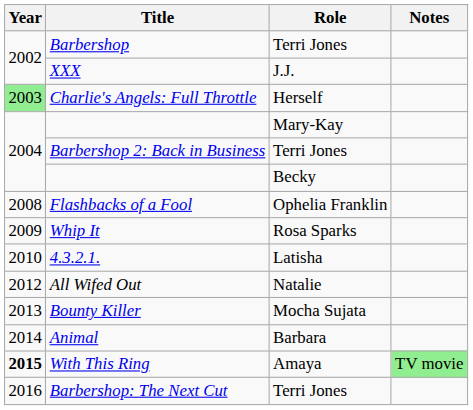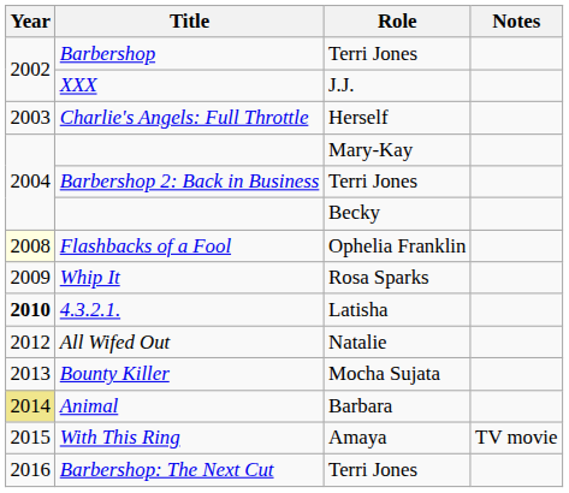 <table class="wikitable sortable">
 <tr>
 <th>Year</th>
 <th>Title</th>
 <th>Role</th>
 <th>Notes</th>
 </tr>
 <tr>
 <td rowspan="2">2002</td>
 <td><em><a href='#'>Barbershop</a></em></td>
 <td>Terri Jones</td>
 <td></td>
 </tr>
 <tr>
 <td><em><a href='#'>XXX</a></em></td>
 <td>J.J.</td>
 <td></td>
 </tr>
 <tr>
-<td style="background: lightgreen;">2003</td>
+<td>2003</td>
 <td><em><a href='#'>Charlie's Angels: Full Throttle</a></em></td>
 <td>Herself</td>
 <td></td>
 </tr>
 <tr>
 <td rowspan="3">2004</td>
 <td><em></em></td>
 <td>Mary-Kay</td>
 <td></td>
 </tr>
 <tr>
 <td><em><a href='#'>Barbershop 2: Back in Business</a></em></td>
 <td>Terri Jones</td>
 <td></td>
 </tr>
 <tr>
 <td><em></em></td>
 <td>Becky</td>
 <td></td>
 </tr>
 <tr>
-<td>2008</td>
+<td style="background: lightyellow;">2008</td>
 <td><em><a href='#'>Flashbacks of a Fool</a></em></td>
 <td>Ophelia Franklin</td>
 <td></td>
 </tr>
 <tr>
 <td>2009</td>
 <td><em><a href='#'>Whip It</a></em></td>
 <td>Rosa Sparks</td>
 <td></td>
 </tr>
 <tr>
-<td>2010</td>
+<td><strong>2010</strong></td>
 <td><em><a href='#'>4.3.2.1.</a></em></td>
 <td>Latisha</td>
 <td></td>
 </tr>
 <tr>
 <td>2012</td>
 <td><em>All Wifed Out</em></td>
 <td>Natalie</td>
 <td></td>
 </tr>
 <tr>
 <td>2013</td>
 <td><em><a href='#'>Bounty Killer</a></em></td>
 <td>Mocha Sujata</td>
 <td></td>
 </tr>
 <tr>
-<td>2014</td>
+<td style="background: khaki;">2014</td>
 <td><em><a href='#'>Animal</a></em></td>
 <td>Barbara</td>
 <td></td>
 </tr>
 <tr>
-<td><strong>2015</strong></td>
+<td>2015</td>
 <td><em><a href='#'>With This Ring</a></em></td>
 <td>Amaya</td>
-<td style="background: lightgreen;">TV movie</td>
+<td>TV movie</td>
 </tr>
 <tr>
 <td>2016</td>
 <td><em><a href='#'>Barbershop: The Next Cut</a></em></td>
 <td>Terri Jones</td>
 <td></td>
 </tr>
 </table>
